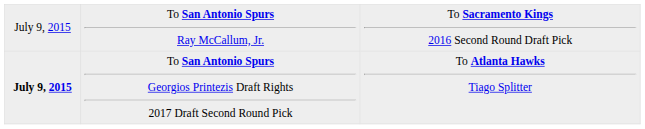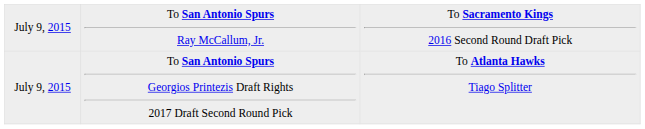 <table border=1 style="border-collapse:collapse; text-align: center; width: 100%" bordercolor="#DFDFDF"  cellpadding="5">
 <tr bgcolor="eeeeee">
 <td style="width:12%">July 9, <a href='#'>2015</a><br></td>
 <td style="width:44%" valign="top">To <strong><a href='#'>San Antonio Spurs</a></strong><hr><a href='#'>Ray McCallum, Jr.</a></td>
 <td style="width:44%" valign="top">To <strong><a href='#'>Sacramento Kings</a></strong><hr><a href='#'>2016</a> Second Round Draft Pick</td>
 </tr>
 <tr bgcolor="eeeeee">
-<td style="width:12%"><strong>July 9, <a href='#'>2015</a><br></strong></td>
+<td style="width:12%">July 9, <a href='#'>2015</a><br></td>
 <td style="width:44%" valign="top">To <strong><a href='#'>San Antonio Spurs</a></strong><hr><a href='#'>Georgios Printezis</a> Draft Rights<hr> 2017 Draft Second Round Pick</td>
 <td style="width:44%" valign="top">To <strong><a href='#'>Atlanta Hawks</a></strong><hr><a href='#'>Tiago Splitter</a></td>
 </tr>
 </table>
